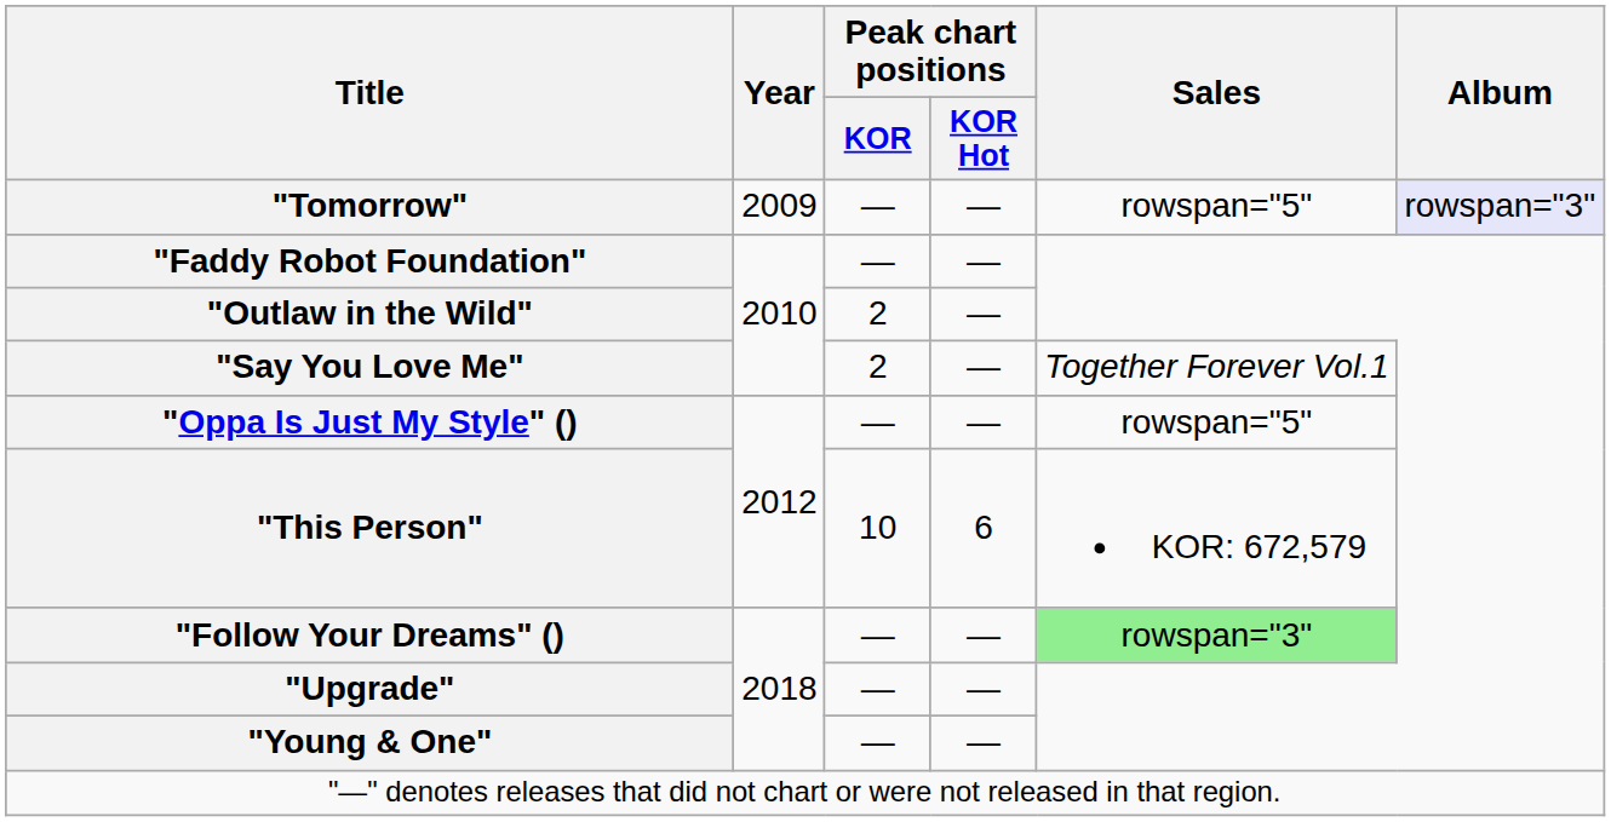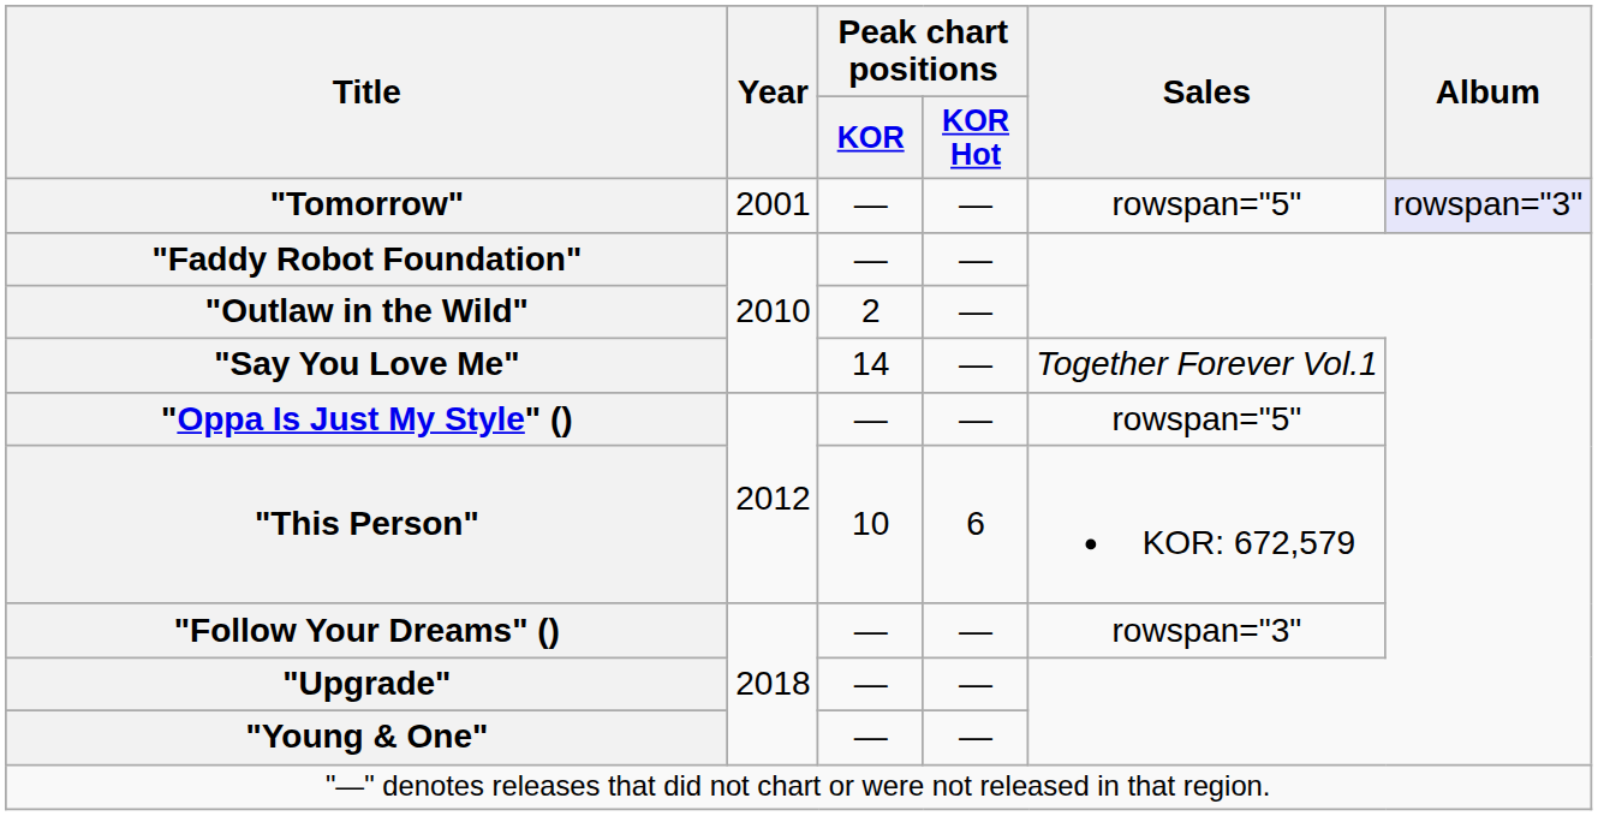 <table class="wikitable plainrowheaders" style="text-align:center;">
 <tr>
 <th scope="col" rowspan="2" style="width:21em;">Title</th>
 <th scope="col" rowspan="2">Year</th>
 <th scope="col" colspan="2">Peak chart positions</th>
 <th scope="col" rowspan="2">Sales<br></th>
 <th scope="col" rowspan="2">Album</th>
 </tr>
 <tr>
 <th scope="col" style="font-size:90%; width:3em"><a href='#'>KOR</a><br></th>
 <th scope="col" style="font-size:90%; width:3em"><a href='#'>KOR Hot</a><br></th>
 </tr>
 <tr>
 <th scope="row">"Tomorrow" </th>
-<td>2009</td>
+<td>2001</td>
 <td>—</td>
 <td>—</td>
 <td>rowspan="5" </td>
 <td style="background: lavender;">rowspan="3" </td>
 </tr>
 <tr>
 <th scope="row">"Faddy Robot Foundation" </th>
 <td rowspan="3">2010</td>
 <td>—</td>
 <td>—</td>
 </tr>
 <tr>
 <th scope="row">"Outlaw in the Wild" </th>
 <td>2</td>
 <td>—</td>
 </tr>
 <tr>
 <th scope="row">"Say You Love Me" </th>
-<td>2</td>
+<td>14</td>
 <td>—</td>
 <td><em>Together Forever Vol.1</em></td>
 </tr>
 <tr>
 <th scope="row">"<a href='#'>Oppa Is Just My Style</a>" ()<br></th>
 <td rowspan="2">2012</td>
 <td>—</td>
 <td>—</td>
 <td>rowspan="5" </td>
 </tr>
 <tr>
 <th scope="row">"This Person" </th>
 <td>10</td>
 <td>6</td>
 <td><br><ul><li>KOR: 672,579</li></ul></td>
 </tr>
 <tr>
 <th scope="row">"Follow Your Dreams" ()<br></th>
 <td rowspan="3">2018</td>
 <td>—</td>
 <td>—</td>
-<td style="background: lightgreen;">rowspan="3" </td>
+<td>rowspan="3" </td>
 </tr>
 <tr>
 <th scope="row">"Upgrade" </th>
 <td>—</td>
 <td>—</td>
 </tr>
 <tr>
 <th scope="row">"Young & One" </th>
 <td>—</td>
 <td>—</td>
 </tr>
 <tr>
 <td colspan="8" style="font-size:85%;">"—" denotes releases that did not chart or were not released in that region.</td>
 </tr>
 </table>
